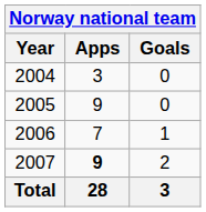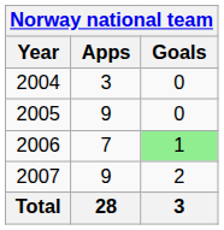 <table class="wikitable" style="text-align:center">
 <tr>
 <th colspan="3"><a href='#'>Norway national team</a></th>
 </tr>
 <tr>
 <th>Year</th>
 <th>Apps</th>
 <th>Goals</th>
 </tr>
 <tr>
 <td>2004</td>
 <td>3</td>
 <td>0</td>
 </tr>
 <tr>
 <td>2005</td>
 <td>9</td>
 <td>0</td>
 </tr>
 <tr>
 <td>2006</td>
 <td>7</td>
-<td>1</td>
+<td style="background: lightgreen;">1</td>
 </tr>
 <tr>
 <td>2007</td>
-<td><strong>9</strong></td>
+<td>9</td>
 <td>2</td>
 </tr>
 <tr>
 <th>Total</th>
 <th>28</th>
 <th>3</th>
 </tr>
 </table>
